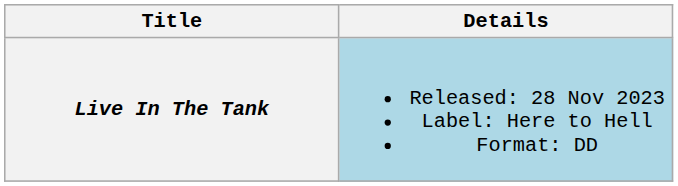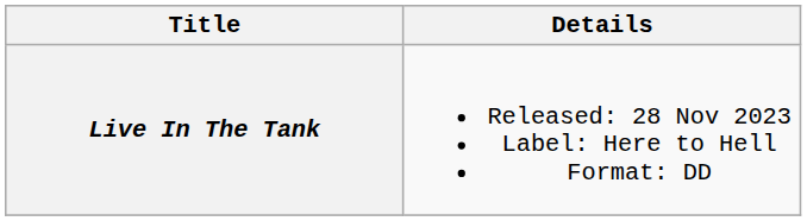 <table class="wikitable plainrowheaders" style="text-align:center;" border="1">
 <tr>
 <th scope="col" rowspan="1" style="width:16em;">Title</th>
 <th scope="col" rowspan="1" style="width:16em;">Details</th>
 </tr>
 <tr>
 <th scope="row"><em>Live In The Tank</em></th>
-<td style="background: lightblue;"><br><ul><li>Released: 28 Nov 2023 </li><li>Label: Here to Hell </li><li>Format: DD</li></ul></td>
+<td><br><ul><li>Released: 28 Nov 2023 </li><li>Label: Here to Hell </li><li>Format: DD</li></ul></td>
 </tr>
 </table>
